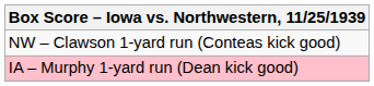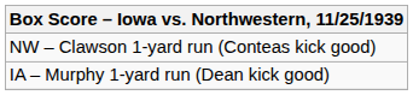 <table class="wikitable">
 <tr>
 <th>Box Score – Iowa vs. Northwestern, 11/25/1939</th>
 </tr>
 <tr>
 <td>NW – Clawson 1-yard run (Conteas kick good)</td>
 </tr>
 <tr>
-<td style="background: pink;">IA – Murphy 1-yard run (Dean kick good)</td>
+<td>IA – Murphy 1-yard run (Dean kick good)</td>
 </tr>
 <tr>
 </tr>
 </table>
